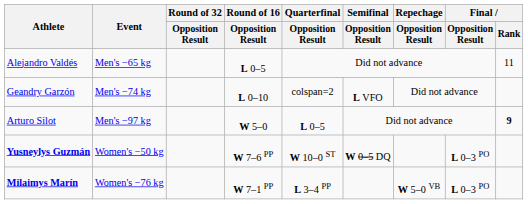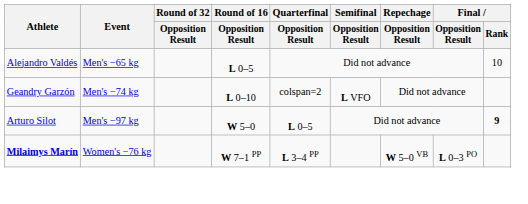 <table class="wikitable" style="font-size:90%">
 <tr>
 <th rowspan=2>Athlete</th>
 <th rowspan=2>Event</th>
 <th>Round of 32</th>
 <th>Round of 16</th>
 <th>Quarterfinal</th>
 <th>Semifinal</th>
 <th>Repechage</th>
 <th colspan=2>Final / </th>
 </tr>
 <tr style="font-size: 95%">
 <th>Opposition<br>Result</th>
 <th>Opposition<br>Result</th>
 <th>Opposition<br>Result</th>
 <th>Opposition<br>Result</th>
 <th>Opposition<br>Result</th>
 <th>Opposition<br>Result</th>
 <th>Rank</th>
 </tr>
 <tr align=center>
 <td align=left><a href='#'>Alejandro Valdés</a></td>
 <td align=left><a href='#'>Men's −65 kg</a></td>
 <td></td>
 <td><br><strong>L</strong> 0–5</td>
 <td colspan="4">Did not advance</td>
-<td>11</td>
+<td>10</td>
 </tr>
 <tr align=center>
 <td align=left><a href='#'>Geandry Garzón</a></td>
 <td align=left><a href='#'>Men's −74 kg</a></td>
 <td></td>
 <td><br><strong>L</strong> 0–10</td>
 <td>colspan=2 </td>
 <td><br><strong>L</strong> VFO</td>
 <td colspan="2">Did not advance</td>
 </tr>
 <tr align=center>
 <td align=left><a href='#'>Arturo Silot</a></td>
 <td align=left><a href='#'>Men's −97 kg</a></td>
 <td></td>
 <td><br><strong>W</strong> 5–0</td>
 <td><br><strong>L</strong> 0–5</td>
 <td colspan="3">Did not advance</td>
 <td><strong>9</strong></td>
 </tr>
 <tr align=center>
-<td align=left><strong><a href='#'>Yusneylys Guzmán</a></strong></td>
-<td align=left><a href='#'>Women's −50 kg</a></td>
-<td></td>
-<td><br><strong>W</strong> 7–6 <sup>PP</sup></td>
-<td><br><strong>W</strong> 10–0 <sup>ST</sup></td>
-<td><br><strong>W</strong> <s>0–5</s> DQ</td>
-<td></td>
-<td><br><strong>L</strong> 0–3 <sup>PO</sup></td>
-<td></td>
-</tr>
-<tr align=center>
 <td align=left><strong><a href='#'>Milaimys Marín</a></strong></td>
 <td align=left><a href='#'>Women's −76 kg</a></td>
 <td></td>
 <td><br><strong>W</strong> 7–1 <sup>PP</sup></td>
 <td><br><strong>L</strong> 3–4 <sup>PP</sup></td>
 <td></td>
 <td><br><strong>W</strong> 5–0 <sup>VB</sup></td>
 <td><br><strong>L</strong> 0–3 <sup>PO</sup></td>
 <td></td>
 </tr>
 </table>
